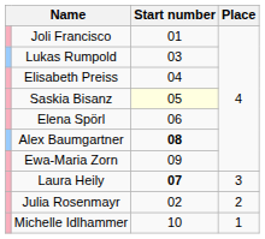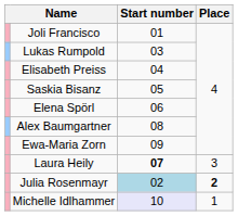 <table class="wikitable sortable" style="text-align:center">
 <tr>
 <th colspan=2>Name</th>
 <th>Start number</th>
 <th>Place</th>
 </tr>
 <tr>
 <td style="background:#faafbe"></td>
 <td>Joli Francisco</td>
 <td>01</td>
 <td rowspan=7>4</td>
 </tr>
 <tr>
 <td style="background:#9cf;"></td>
 <td>Lukas Rumpold</td>
 <td>03</td>
 </tr>
 <tr>
 <td style="background:#faafbe"></td>
 <td>Elisabeth Preiss</td>
 <td>04</td>
 </tr>
 <tr>
 <td style="background:#faafbe"></td>
 <td>Saskia Bisanz</td>
-<td style="background: lightyellow;">05</td>
+<td>05</td>
 </tr>
 <tr>
 <td style="background:#faafbe"></td>
 <td>Elena Spörl</td>
 <td>06</td>
 </tr>
 <tr>
 <td style="background:#9cf;"></td>
 <td>Alex Baumgartner</td>
-<td><strong>08</strong></td>
+<td>08</td>
 </tr>
 <tr>
 <td style="background:#faafbe"></td>
 <td>Ewa-Maria Zorn</td>
 <td>09</td>
 </tr>
 <tr>
 <td style="background:#faafbe"></td>
 <td>Laura Heily</td>
 <td><strong>07</strong></td>
 <td>3</td>
 </tr>
 <tr>
 <td style="background:#faafbe"></td>
 <td>Julia Rosenmayr</td>
-<td>02</td>
-<td>2</td>
+<td style="background: lightblue;">02</td>
+<td><strong>2</strong></td>
 </tr>
 <tr>
 <td style="background:#faafbe"></td>
 <td>Michelle Idlhammer</td>
-<td>10</td>
+<td style="background: lavender;">10</td>
 <td>1</td>
 </tr>
 </table>
